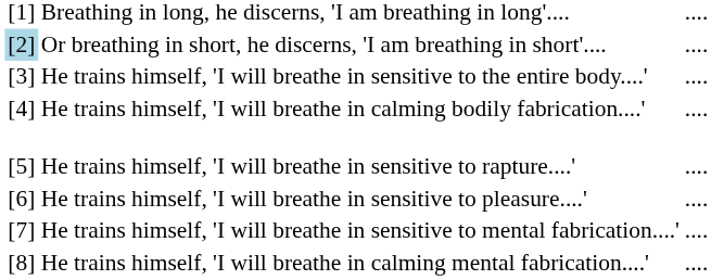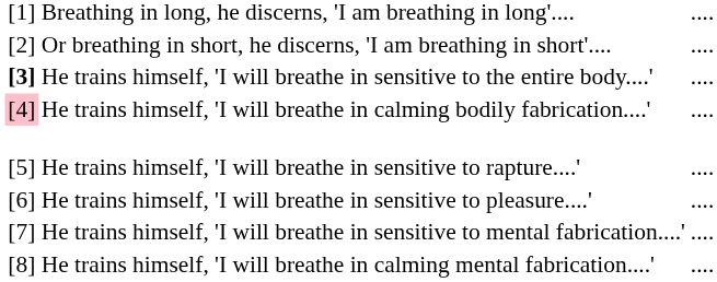 <table cellpadding=2 cellspacing=0 style="text-align:left; margin:1em auto;">
 <tr style="vertical-align:top">
 <td>[1]</td>
 <td>Breathing in long, he discerns, 'I am breathing in long'....</td>
 <td><em>....</em></td>
 </tr>
 <tr style="vertical-align:top">
-<td style="background: lightblue;">[2]</td>
+<td>[2]</td>
 <td>Or breathing in short, he discerns, 'I am breathing in short'....</td>
 <td><em>....</em></td>
 </tr>
 <tr style="vertical-align:top">
-<td>[3]</td>
+<td><strong>[3]</strong></td>
 <td>He trains himself, 'I will breathe in sensitive to the entire body....'</td>
 <td><em>....</em></td>
 </tr>
 <tr style="vertical-align:top">
-<td>[4]</td>
+<td style="background: pink;">[4]</td>
 <td>He trains himself, 'I will breathe in calming bodily fabrication....'</td>
 <td><em>....</em></td>
 </tr>
 <tr style="vertical-align:top">
 <td> <br>[5]</td>
 <td> <br>He trains himself, 'I will breathe in sensitive to rapture....'</td>
 <td> <br><em>....</em></td>
 </tr>
 <tr style="vertical-align:top">
 <td>[6]</td>
 <td>He trains himself, 'I will breathe in sensitive to pleasure....'</td>
 <td><em>....</em></td>
 </tr>
 <tr style="vertical-align:top">
 <td>[7]</td>
 <td>He trains himself, 'I will breathe in sensitive to mental fabrication....'</td>
 <td><em>....</em></td>
 </tr>
 <tr style="vertical-align:top">
 <td>[8]</td>
 <td>He trains himself, 'I will breathe in calming mental fabrication....'</td>
 <td><em>....</em></td>
 </tr>
 </table>
